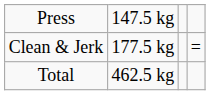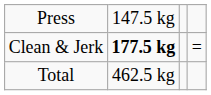 <table class = "wikitable" style="text-align:center;">
 <tr>
 <td>Press</td>
 <td>147.5 kg</td>
 <td align=left></td>
 <td></td>
 </tr>
 <tr>
 <td>Clean & Jerk</td>
-<td>177.5 kg</td>
+<td><strong>177.5 kg</strong></td>
 <td align=left></td>
 <td>=</td>
 </tr>
 <tr>
 <td>Total</td>
 <td>462.5 kg</td>
 <td align=left></td>
 <td></td>
 </tr>
 </table>
